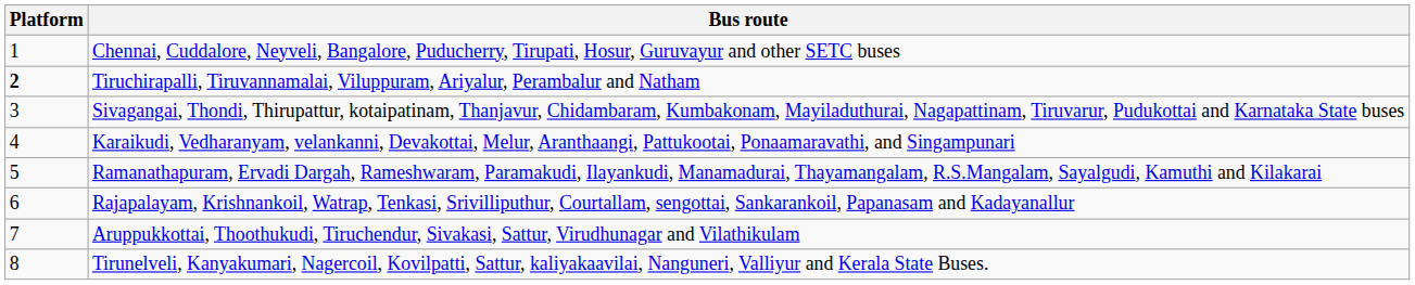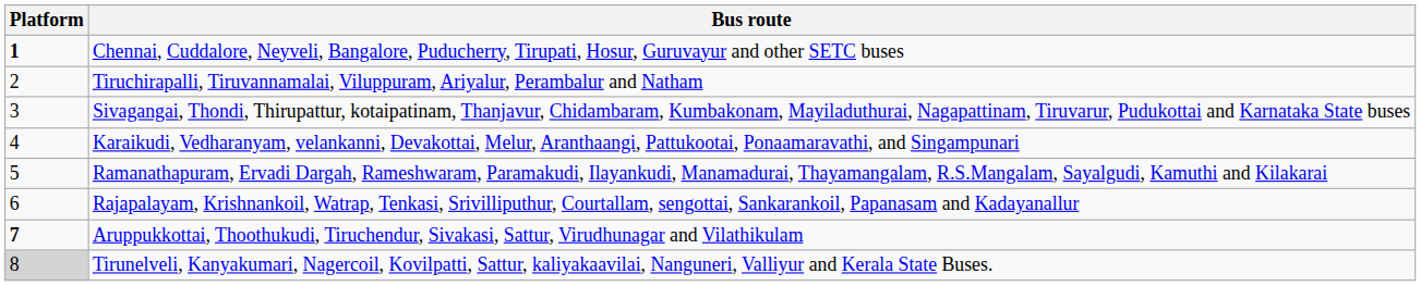 <table class="wikitable">
 <tr>
 <th>Platform</th>
 <th>Bus route</th>
 </tr>
 <tr>
-<td>1</td>
+<td><strong>1</strong></td>
 <td><a href='#'>Chennai</a>, <a href='#'>Cuddalore</a>, <a href='#'>Neyveli</a>, <a href='#'>Bangalore</a>, <a href='#'>Puducherry</a>, <a href='#'>Tirupati</a>, <a href='#'>Hosur</a>, <a href='#'>Guruvayur</a> and other <a href='#'>SETC</a> buses</td>
 </tr>
 <tr>
-<td><strong>2</strong></td>
+<td>2</td>
 <td><a href='#'>Tiruchirapalli</a>, <a href='#'>Tiruvannamalai</a>, <a href='#'>Viluppuram</a>, <a href='#'>Ariyalur</a>, <a href='#'>Perambalur</a> and <a href='#'>Natham</a></td>
 </tr>
 <tr>
 <td>3</td>
 <td><a href='#'>Sivagangai</a>, <a href='#'>Thondi</a>, Thirupattur, kotaipatinam, <a href='#'>Thanjavur</a>, <a href='#'>Chidambaram</a>, <a href='#'>Kumbakonam</a>, <a href='#'>Mayiladuthurai</a>, <a href='#'>Nagapattinam</a>, <a href='#'>Tiruvarur</a>, <a href='#'>Pudukottai</a> and <a href='#'>Karnataka State</a> buses</td>
 </tr>
 <tr>
 <td>4</td>
 <td><a href='#'>Karaikudi</a>, <a href='#'>Vedharanyam</a>, <a href='#'>velankanni</a>, <a href='#'>Devakottai</a>, <a href='#'>Melur</a>, <a href='#'>Aranthaangi</a>, <a href='#'>Pattukootai</a>, <a href='#'>Ponaamaravathi</a>, and <a href='#'>Singampunari</a></td>
 </tr>
 <tr>
 <td>5</td>
 <td><a href='#'>Ramanathapuram</a>, <a href='#'>Ervadi Dargah</a>, <a href='#'>Rameshwaram</a>, <a href='#'>Paramakudi</a>, <a href='#'>Ilayankudi</a>, <a href='#'>Manamadurai</a>, <a href='#'>Thayamangalam</a>, <a href='#'>R.S.Mangalam</a>, <a href='#'>Sayalgudi</a>, <a href='#'>Kamuthi</a> and <a href='#'>Kilakarai</a></td>
 </tr>
 <tr>
 <td>6</td>
 <td><a href='#'>Rajapalayam</a>, <a href='#'>Krishnankoil</a>, <a href='#'>Watrap</a>, <a href='#'>Tenkasi</a>, <a href='#'>Srivilliputhur</a>, <a href='#'>Courtallam</a>, <a href='#'>sengottai</a>, <a href='#'>Sankarankoil</a>, <a href='#'>Papanasam</a> and <a href='#'>Kadayanallur</a></td>
 </tr>
 <tr>
-<td>7</td>
+<td><strong>7</strong></td>
 <td><a href='#'>Aruppukkottai</a>, <a href='#'>Thoothukudi</a>, <a href='#'>Tiruchendur</a>, <a href='#'>Sivakasi</a>, <a href='#'>Sattur</a>, <a href='#'>Virudhunagar</a> and <a href='#'>Vilathikulam</a></td>
 </tr>
 <tr>
-<td>8</td>
+<td style="background: lightgrey;">8</td>
 <td><a href='#'>Tirunelveli</a>, <a href='#'>Kanyakumari</a>, <a href='#'>Nagercoil</a>, <a href='#'>Kovilpatti</a>, <a href='#'>Sattur</a>, <a href='#'>kaliyakaavilai</a>, <a href='#'>Nanguneri</a>, <a href='#'>Valliyur</a> and <a href='#'>Kerala State</a> Buses.</td>
 </tr>
 </table>
